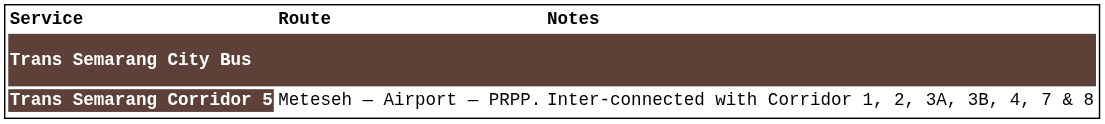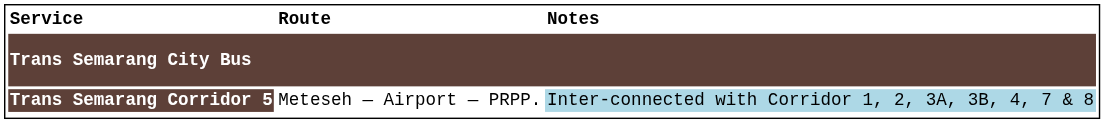 <table style="text-align:left; font-size:95%; border:1px solid black">
 <tr>
 <th>Service</th>
 <th>Route</th>
 <th>Notes</th>
 </tr>
 <tr>
 <th colspan=3 style="background-color:#5d4038;color:white; height:35px">Trans Semarang City Bus</th>
 </tr>
 <tr>
 <td style="background-color:#5d4038;color:white;text-align:center;font-weight:bold">Trans Semarang Corridor 5</td>
 <td>Meteseh — Airport — PRPP.</td>
-<td>Inter-connected with Corridor 1, 2, 3A, 3B, 4, 7 & 8</td>
+<td style="background: lightblue;">Inter-connected with Corridor 1, 2, 3A, 3B, 4, 7 & 8</td>
 </tr>
 <tr>
 </tr>
 </table>
